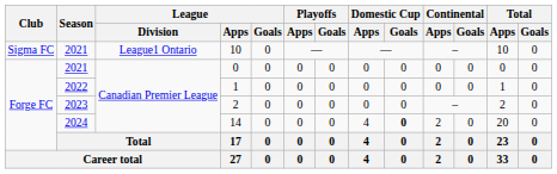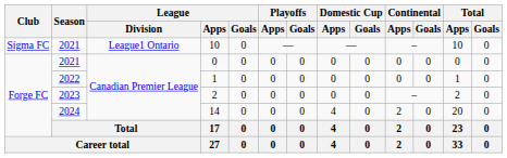 <table class="wikitable" style="text-align: center">
 <tr>
 <th rowspan="2">Club</th>
 <th rowspan="2">Season</th>
 <th colspan="3">League</th>
 <th colspan="2">Playoffs</th>
 <th colspan="2">Domestic Cup</th>
 <th colspan="2">Continental</th>
 <th colspan="2">Total</th>
 </tr>
 <tr>
 <th>Division</th>
 <th>Apps</th>
 <th>Goals</th>
 <th>Apps</th>
 <th>Goals</th>
 <th>Apps</th>
 <th>Goals</th>
 <th>Apps</th>
 <th>Goals</th>
 <th>Apps</th>
 <th>Goals</th>
 </tr>
 <tr>
 <td><a href='#'>Sigma FC</a></td>
 <td><a href='#'>2021</a></td>
 <td><a href='#'>League1 Ontario</a></td>
 <td>10</td>
 <td>0</td>
 <td colspan=2>—</td>
 <td colspan=2>—</td>
 <td colspan="2">–</td>
 <td>10</td>
 <td>0</td>
 </tr>
 <tr>
 <td rowspan=5><a href='#'>Forge FC</a></td>
 <td><a href='#'>2021</a></td>
 <td rowspan=4><a href='#'>Canadian Premier League</a></td>
 <td>0</td>
 <td>0</td>
 <td>0</td>
 <td>0</td>
 <td>0</td>
 <td>0</td>
 <td>0</td>
 <td>0</td>
 <td>0</td>
 <td>0</td>
 </tr>
 <tr>
 <td><a href='#'>2022</a></td>
 <td>1</td>
 <td>0</td>
 <td>0</td>
 <td>0</td>
 <td>0</td>
 <td>0</td>
 <td>0</td>
 <td>0</td>
 <td>1</td>
 <td>0</td>
 </tr>
 <tr>
 <td><a href='#'>2023</a></td>
 <td>2</td>
 <td>0</td>
 <td>0</td>
 <td>0</td>
 <td>0</td>
 <td>0</td>
 <td colspan="2">–</td>
 <td>2</td>
 <td>0</td>
 </tr>
 <tr>
 <td><a href='#'>2024</a></td>
 <td>14</td>
 <td>0</td>
 <td>0</td>
 <td>0</td>
 <td>4</td>
-<td><strong>0</strong></td>
+<td>0</td>
 <td>2</td>
 <td>0</td>
 <td>20</td>
 <td>0</td>
 </tr>
 <tr>
 <th colspan="2"><strong>Total</strong></th>
 <th>17</th>
 <th>0</th>
 <th>0</th>
 <th>0</th>
 <th>4</th>
 <th>0</th>
 <th>2</th>
 <th>0</th>
 <th>23</th>
 <th>0</th>
 </tr>
 <tr>
 <th colspan="3"><strong>Career total</strong></th>
 <th>27</th>
 <th>0</th>
 <th>0</th>
 <th>0</th>
 <th>4</th>
 <th>0</th>
 <th>2</th>
 <th>0</th>
 <th>33</th>
 <th>0</th>
 </tr>
 </table>
